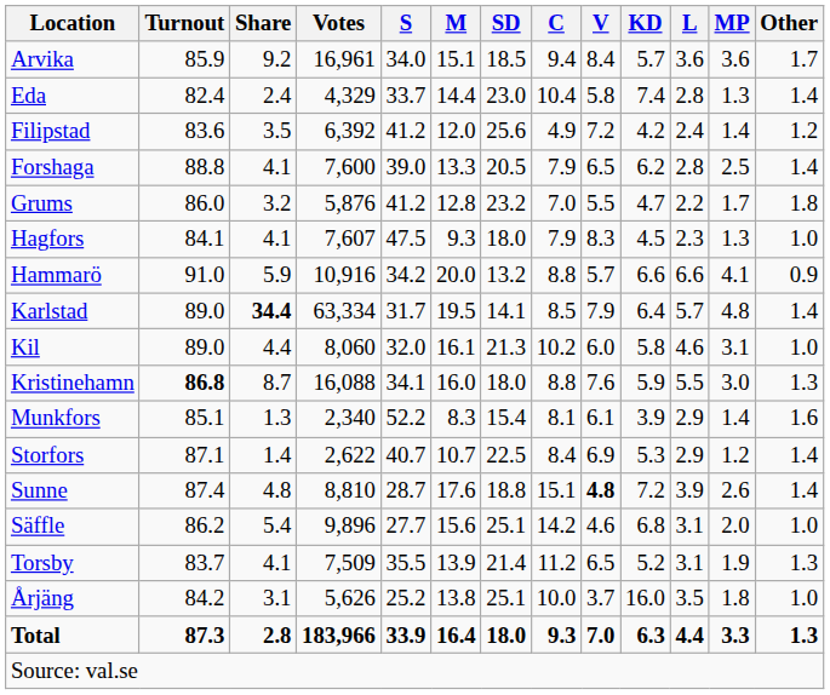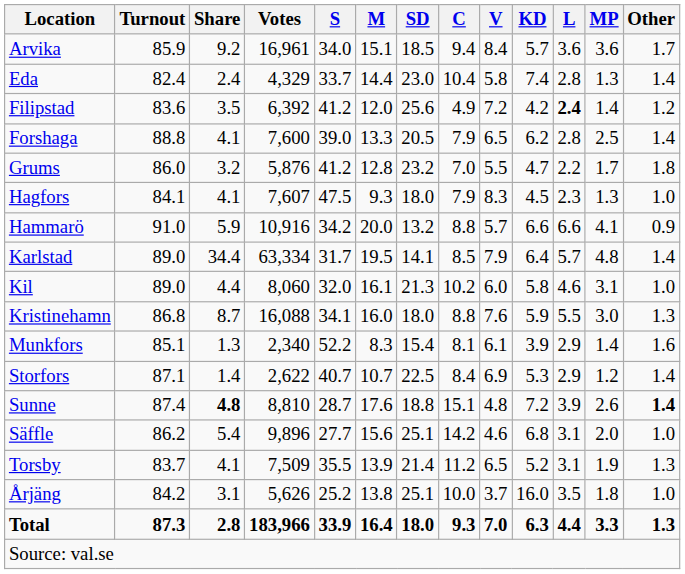 <table class="wikitable sortable" style=text-align:right>
 <tr>
 <th>Location</th>
 <th>Turnout</th>
 <th>Share</th>
 <th>Votes</th>
 <th><a href='#'>S</a></th>
 <th><a href='#'>M</a></th>
 <th><a href='#'>SD</a></th>
 <th><a href='#'>C</a></th>
 <th><a href='#'>V</a></th>
 <th><a href='#'>KD</a></th>
 <th><a href='#'>L</a></th>
 <th><a href='#'>MP</a></th>
 <th>Other</th>
 </tr>
 <tr>
 <td align=left><a href='#'>Arvika</a></td>
 <td>85.9</td>
 <td>9.2</td>
 <td>16,961</td>
 <td>34.0</td>
 <td>15.1</td>
 <td>18.5</td>
 <td>9.4</td>
 <td>8.4</td>
 <td>5.7</td>
 <td>3.6</td>
 <td>3.6</td>
 <td>1.7</td>
 </tr>
 <tr>
 <td align=left><a href='#'>Eda</a></td>
 <td>82.4</td>
 <td>2.4</td>
 <td>4,329</td>
 <td>33.7</td>
 <td>14.4</td>
 <td>23.0</td>
 <td>10.4</td>
 <td>5.8</td>
 <td>7.4</td>
 <td>2.8</td>
 <td>1.3</td>
 <td>1.4</td>
 </tr>
 <tr>
 <td align=left><a href='#'>Filipstad</a></td>
 <td>83.6</td>
 <td>3.5</td>
 <td>6,392</td>
 <td>41.2</td>
 <td>12.0</td>
 <td>25.6</td>
 <td>4.9</td>
 <td>7.2</td>
 <td>4.2</td>
-<td>2.4</td>
+<td><strong>2.4</strong></td>
 <td>1.4</td>
 <td>1.2</td>
 </tr>
 <tr>
 <td align=left><a href='#'>Forshaga</a></td>
 <td>88.8</td>
 <td>4.1</td>
 <td>7,600</td>
 <td>39.0</td>
 <td>13.3</td>
 <td>20.5</td>
 <td>7.9</td>
 <td>6.5</td>
 <td>6.2</td>
 <td>2.8</td>
 <td>2.5</td>
 <td>1.4</td>
 </tr>
 <tr>
 <td align=left><a href='#'>Grums</a></td>
 <td>86.0</td>
 <td>3.2</td>
 <td>5,876</td>
 <td>41.2</td>
 <td>12.8</td>
 <td>23.2</td>
 <td>7.0</td>
 <td>5.5</td>
 <td>4.7</td>
 <td>2.2</td>
 <td>1.7</td>
 <td>1.8</td>
 </tr>
 <tr>
 <td align=left><a href='#'>Hagfors</a></td>
 <td>84.1</td>
 <td>4.1</td>
 <td>7,607</td>
 <td>47.5</td>
 <td>9.3</td>
 <td>18.0</td>
 <td>7.9</td>
 <td>8.3</td>
 <td>4.5</td>
 <td>2.3</td>
 <td>1.3</td>
 <td>1.0</td>
 </tr>
 <tr>
 <td align=left><a href='#'>Hammarö</a></td>
 <td>91.0</td>
 <td>5.9</td>
 <td>10,916</td>
 <td>34.2</td>
 <td>20.0</td>
 <td>13.2</td>
 <td>8.8</td>
 <td>5.7</td>
 <td>6.6</td>
 <td>6.6</td>
 <td>4.1</td>
 <td>0.9</td>
 </tr>
 <tr>
 <td align=left><a href='#'>Karlstad</a></td>
 <td>89.0</td>
-<td><strong>34.4</strong></td>
+<td>34.4</td>
 <td>63,334</td>
 <td>31.7</td>
 <td>19.5</td>
 <td>14.1</td>
 <td>8.5</td>
 <td>7.9</td>
 <td>6.4</td>
 <td>5.7</td>
 <td>4.8</td>
 <td>1.4</td>
 </tr>
 <tr>
 <td align=left><a href='#'>Kil</a></td>
 <td>89.0</td>
 <td>4.4</td>
 <td>8,060</td>
 <td>32.0</td>
 <td>16.1</td>
 <td>21.3</td>
 <td>10.2</td>
 <td>6.0</td>
 <td>5.8</td>
 <td>4.6</td>
 <td>3.1</td>
 <td>1.0</td>
 </tr>
 <tr>
 <td align=left><a href='#'>Kristinehamn</a></td>
-<td><strong>86.8</strong></td>
+<td>86.8</td>
 <td>8.7</td>
 <td>16,088</td>
 <td>34.1</td>
 <td>16.0</td>
 <td>18.0</td>
 <td>8.8</td>
 <td>7.6</td>
 <td>5.9</td>
 <td>5.5</td>
 <td>3.0</td>
 <td>1.3</td>
 </tr>
 <tr>
 <td align=left><a href='#'>Munkfors</a></td>
 <td>85.1</td>
 <td>1.3</td>
 <td>2,340</td>
 <td>52.2</td>
 <td>8.3</td>
 <td>15.4</td>
 <td>8.1</td>
 <td>6.1</td>
 <td>3.9</td>
 <td>2.9</td>
 <td>1.4</td>
 <td>1.6</td>
 </tr>
 <tr>
 <td align=left><a href='#'>Storfors</a></td>
 <td>87.1</td>
 <td>1.4</td>
 <td>2,622</td>
 <td>40.7</td>
 <td>10.7</td>
 <td>22.5</td>
 <td>8.4</td>
 <td>6.9</td>
 <td>5.3</td>
 <td>2.9</td>
 <td>1.2</td>
 <td>1.4</td>
 </tr>
 <tr>
 <td align=left><a href='#'>Sunne</a></td>
 <td>87.4</td>
-<td>4.8</td>
+<td><strong>4.8</strong></td>
 <td>8,810</td>
 <td>28.7</td>
 <td>17.6</td>
 <td>18.8</td>
 <td>15.1</td>
-<td><strong>4.8</strong></td>
+<td>4.8</td>
 <td>7.2</td>
 <td>3.9</td>
 <td>2.6</td>
-<td>1.4</td>
+<td><strong>1.4</strong></td>
 </tr>
 <tr>
 <td align=left><a href='#'>Säffle</a></td>
 <td>86.2</td>
 <td>5.4</td>
 <td>9,896</td>
 <td>27.7</td>
 <td>15.6</td>
 <td>25.1</td>
 <td>14.2</td>
 <td>4.6</td>
 <td>6.8</td>
 <td>3.1</td>
 <td>2.0</td>
 <td>1.0</td>
 </tr>
 <tr>
 <td align=left><a href='#'>Torsby</a></td>
 <td>83.7</td>
 <td>4.1</td>
 <td>7,509</td>
 <td>35.5</td>
 <td>13.9</td>
 <td>21.4</td>
 <td>11.2</td>
 <td>6.5</td>
 <td>5.2</td>
 <td>3.1</td>
 <td>1.9</td>
 <td>1.3</td>
 </tr>
 <tr>
 <td align=left><a href='#'>Årjäng</a></td>
 <td>84.2</td>
 <td>3.1</td>
 <td>5,626</td>
 <td>25.2</td>
 <td>13.8</td>
 <td>25.1</td>
 <td>10.0</td>
 <td>3.7</td>
 <td>16.0</td>
 <td>3.5</td>
 <td>1.8</td>
 <td>1.0</td>
 </tr>
 <tr>
 <td align=left><strong>Total</strong></td>
 <td><strong>87.3</strong></td>
 <td><strong>2.8</strong></td>
 <td><strong>183,966</strong></td>
 <td><strong>33.9</strong></td>
 <td><strong>16.4</strong></td>
 <td><strong>18.0</strong></td>
 <td><strong>9.3</strong></td>
 <td><strong>7.0</strong></td>
 <td><strong>6.3</strong></td>
 <td><strong>4.4</strong></td>
 <td><strong>3.3</strong></td>
 <td><strong>1.3</strong></td>
 </tr>
 <tr>
 <td align=left colspan=13>Source: val.se</td>
 </tr>
 </table>
